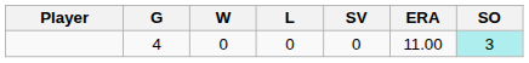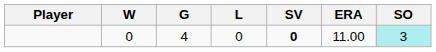 <table class="wikitable sortable">
 <tr>
 <th bgcolor="#DDDDFF" width="16%">Player</th>
+<th bgcolor="#DDDDFF" width="9%">W</th>
 <th bgcolor="#DDDDFF" width="9%">G</th>
-<th bgcolor="#DDDDFF" width="9%">W</th>
 <th bgcolor="#DDDDFF" width="9%">L</th>
 <th bgcolor="#DDDDFF" width="9%">SV</th>
 <th bgcolor="#DDDDFF" width="9%">ERA</th>
 <th bgcolor="#DDDDFF" width="9%">SO</th>
 </tr>
 <tr align="center">
 <td></td>
+<td>0</td>
 <td>4</td>
 <td>0</td>
-<td>0</td>
-<td>0</td>
+<td><strong>0</strong></td>
 <td>11.00</td>
 <td style="background: paleturquoise;">3</td>
 </tr>
 </table>
